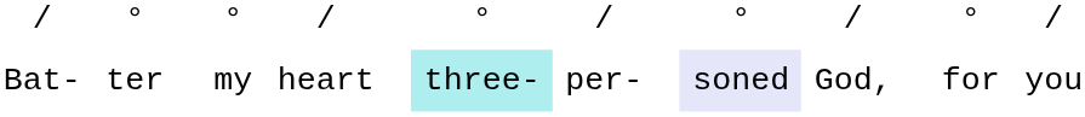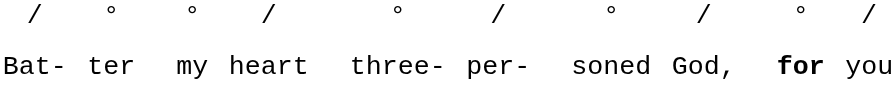 <table border=0 cellspacing=0 cellpadding=5 style="text-align: center;">
 <tr>
 <td></td>
 <td>/</td>
 <td>°</td>
 <td></td>
 <td>°</td>
 <td>/</td>
 <td></td>
 <td>°</td>
 <td>/</td>
 <td></td>
 <td>°</td>
 <td>/</td>
 <td></td>
 <td>°</td>
 <td>/</td>
 <td></td>
 </tr>
 <tr>
 <td></td>
 <td>Bat-</td>
 <td>ter</td>
 <td></td>
 <td>my</td>
 <td>heart</td>
 <td></td>
-<td style="background: paleturquoise;">three-</td>
+<td>three-</td>
 <td>per-</td>
 <td></td>
-<td style="background: lavender;">soned</td>
+<td>soned</td>
 <td>God,</td>
 <td></td>
-<td>for</td>
+<td><strong>for</strong></td>
 <td>you</td>
 <td></td>
 </tr>
 </table>
